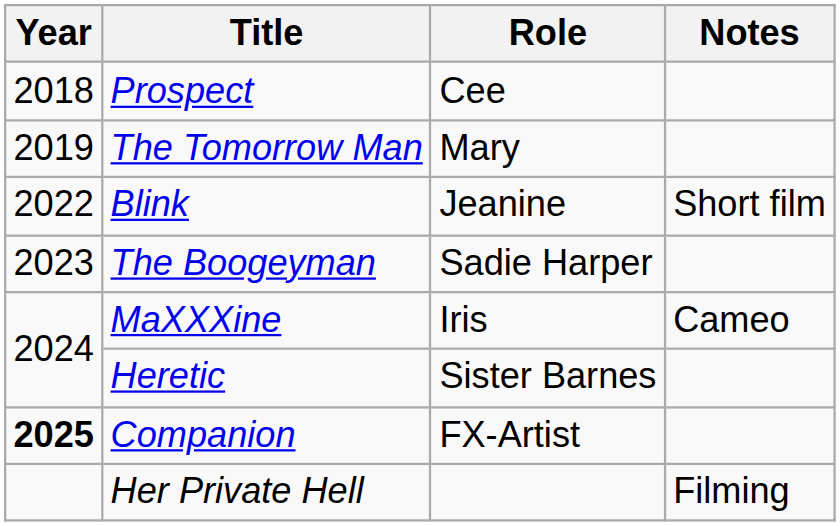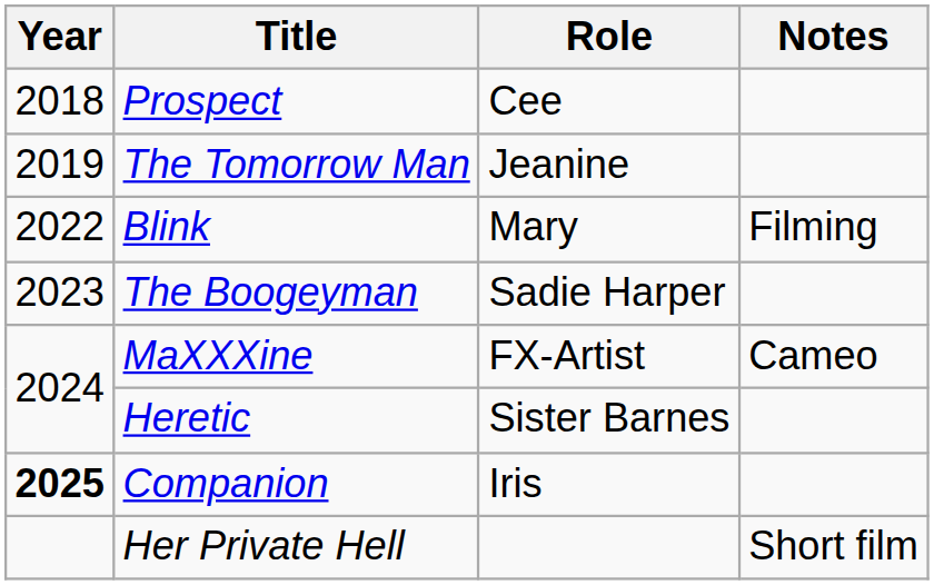 <table class="wikitable sortable">
 <tr>
 <th>Year</th>
 <th>Title</th>
 <th>Role</th>
 <th class="unsortable">Notes</th>
 </tr>
 <tr>
 <td>2018</td>
 <td><em><a href='#'>Prospect</a></em></td>
 <td>Cee</td>
 <td></td>
 </tr>
 <tr>
 <td>2019</td>
 <td data-sort-value="Tomorrow Man, The"><em><a href='#'>The Tomorrow Man</a></em></td>
-<td>Mary</td>
+<td>Jeanine</td>
 <td></td>
 </tr>
 <tr>
 <td>2022</td>
 <td><em><a href='#'>Blink</a></em></td>
-<td>Jeanine</td>
-<td>Short film</td>
+<td>Mary</td>
+<td>Filming</td>
 </tr>
 <tr>
 <td>2023</td>
 <td><em><a href='#'>The Boogeyman</a></em></td>
 <td>Sadie Harper</td>
 <td></td>
 </tr>
 <tr>
 <td rowspan="2">2024</td>
 <td><em><a href='#'>MaXXXine</a></em></td>
-<td>Iris</td>
+<td>FX-Artist</td>
 <td>Cameo</td>
 </tr>
 <tr>
 <td><em><a href='#'>Heretic</a></em></td>
 <td>Sister Barnes</td>
 <td></td>
 </tr>
 <tr>
 <td><strong>2025</strong></td>
 <td><em><a href='#'>Companion</a></em></td>
-<td>FX-Artist</td>
+<td>Iris</td>
 <td></td>
 </tr>
 <tr>
 <td></td>
 <td><em>Her Private Hell</em></td>
 <td></td>
-<td>Filming</td>
+<td>Short film</td>
 </tr>
 </table>
